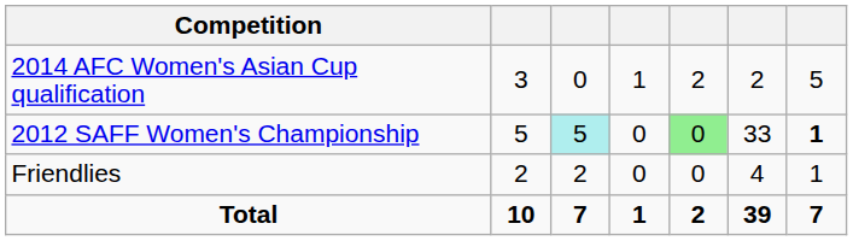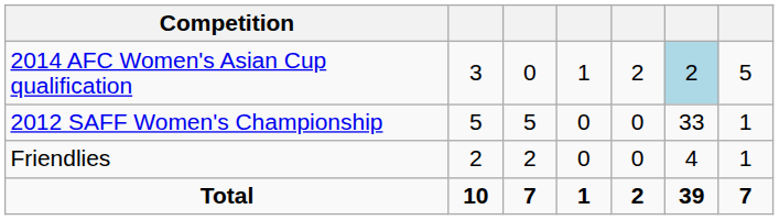 <table class="wikitable" style="text-align: center;">
 <tr>
 <th width=300>Competition</th>
 <th width=30></th>
 <th width=30></th>
 <th width=30></th>
 <th width=30></th>
 <th width=30></th>
 <th width=30></th>
 </tr>
 <tr>
 <td align="left"><a href='#'>2014 AFC Women's Asian Cup qualification</a></td>
 <td>3</td>
 <td>0</td>
 <td>1</td>
 <td>2</td>
-<td>2</td>
+<td style="background: lightblue;">2</td>
 <td>5</td>
 </tr>
 <tr>
 <td align="left"><a href='#'>2012 SAFF Women's Championship</a></td>
 <td>5</td>
-<td style="background: paleturquoise;">5</td>
+<td>5</td>
 <td>0</td>
-<td style="background: lightgreen;">0</td>
+<td>0</td>
 <td>33</td>
-<td><strong>1</strong></td>
+<td>1</td>
 </tr>
 <tr>
 <td align="left">Friendlies</td>
 <td>2</td>
 <td>2</td>
 <td>0</td>
 <td>0</td>
 <td>4</td>
 <td>1</td>
 </tr>
 <tr>
 <td><strong>Total</strong></td>
 <td><strong>10</strong></td>
 <td><strong>7</strong></td>
 <td><strong>1</strong></td>
 <td><strong>2</strong></td>
 <td><strong>39</strong></td>
 <td><strong>7</strong></td>
 </tr>
 </table>
